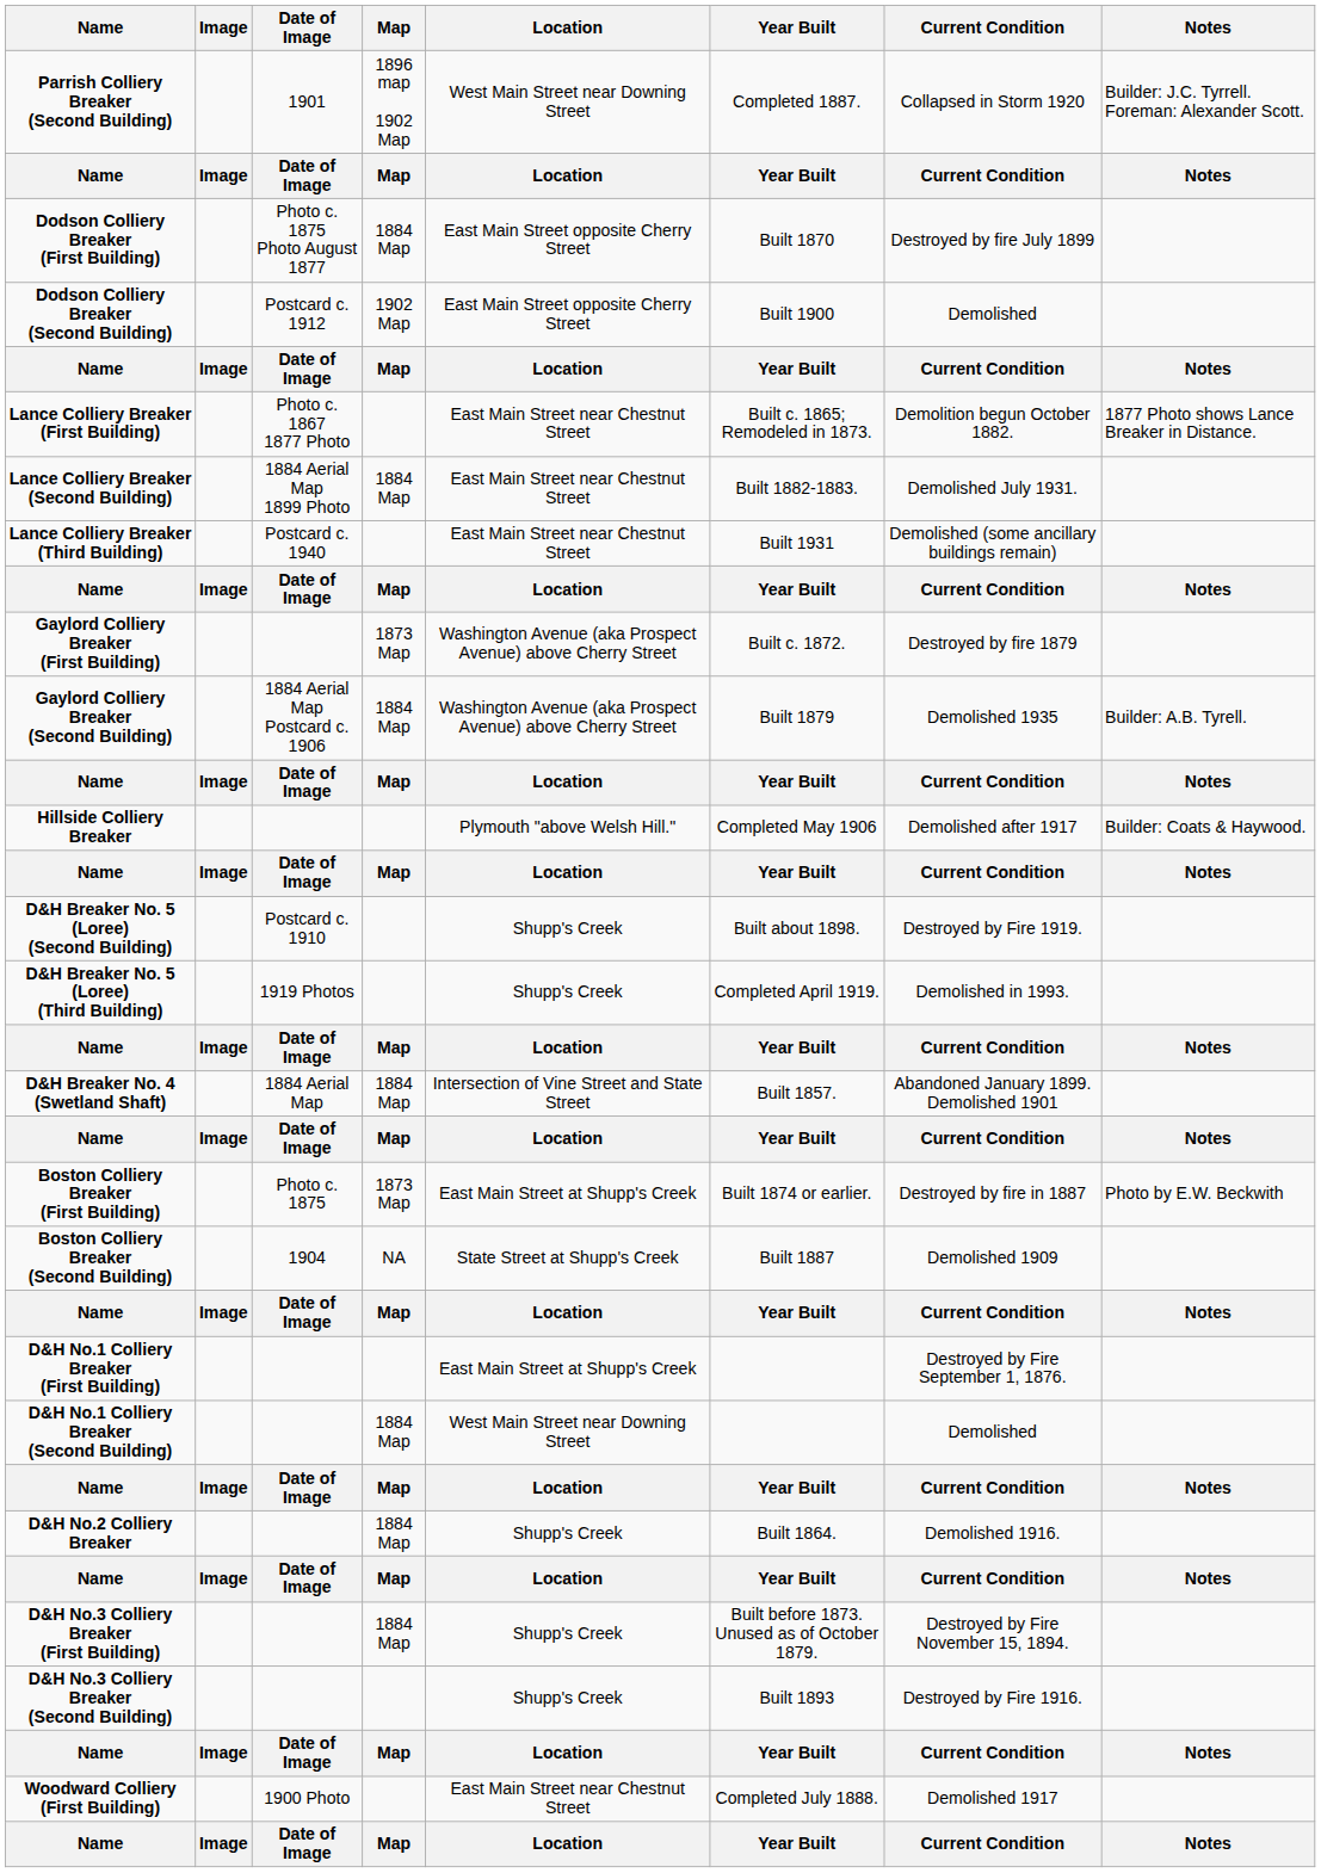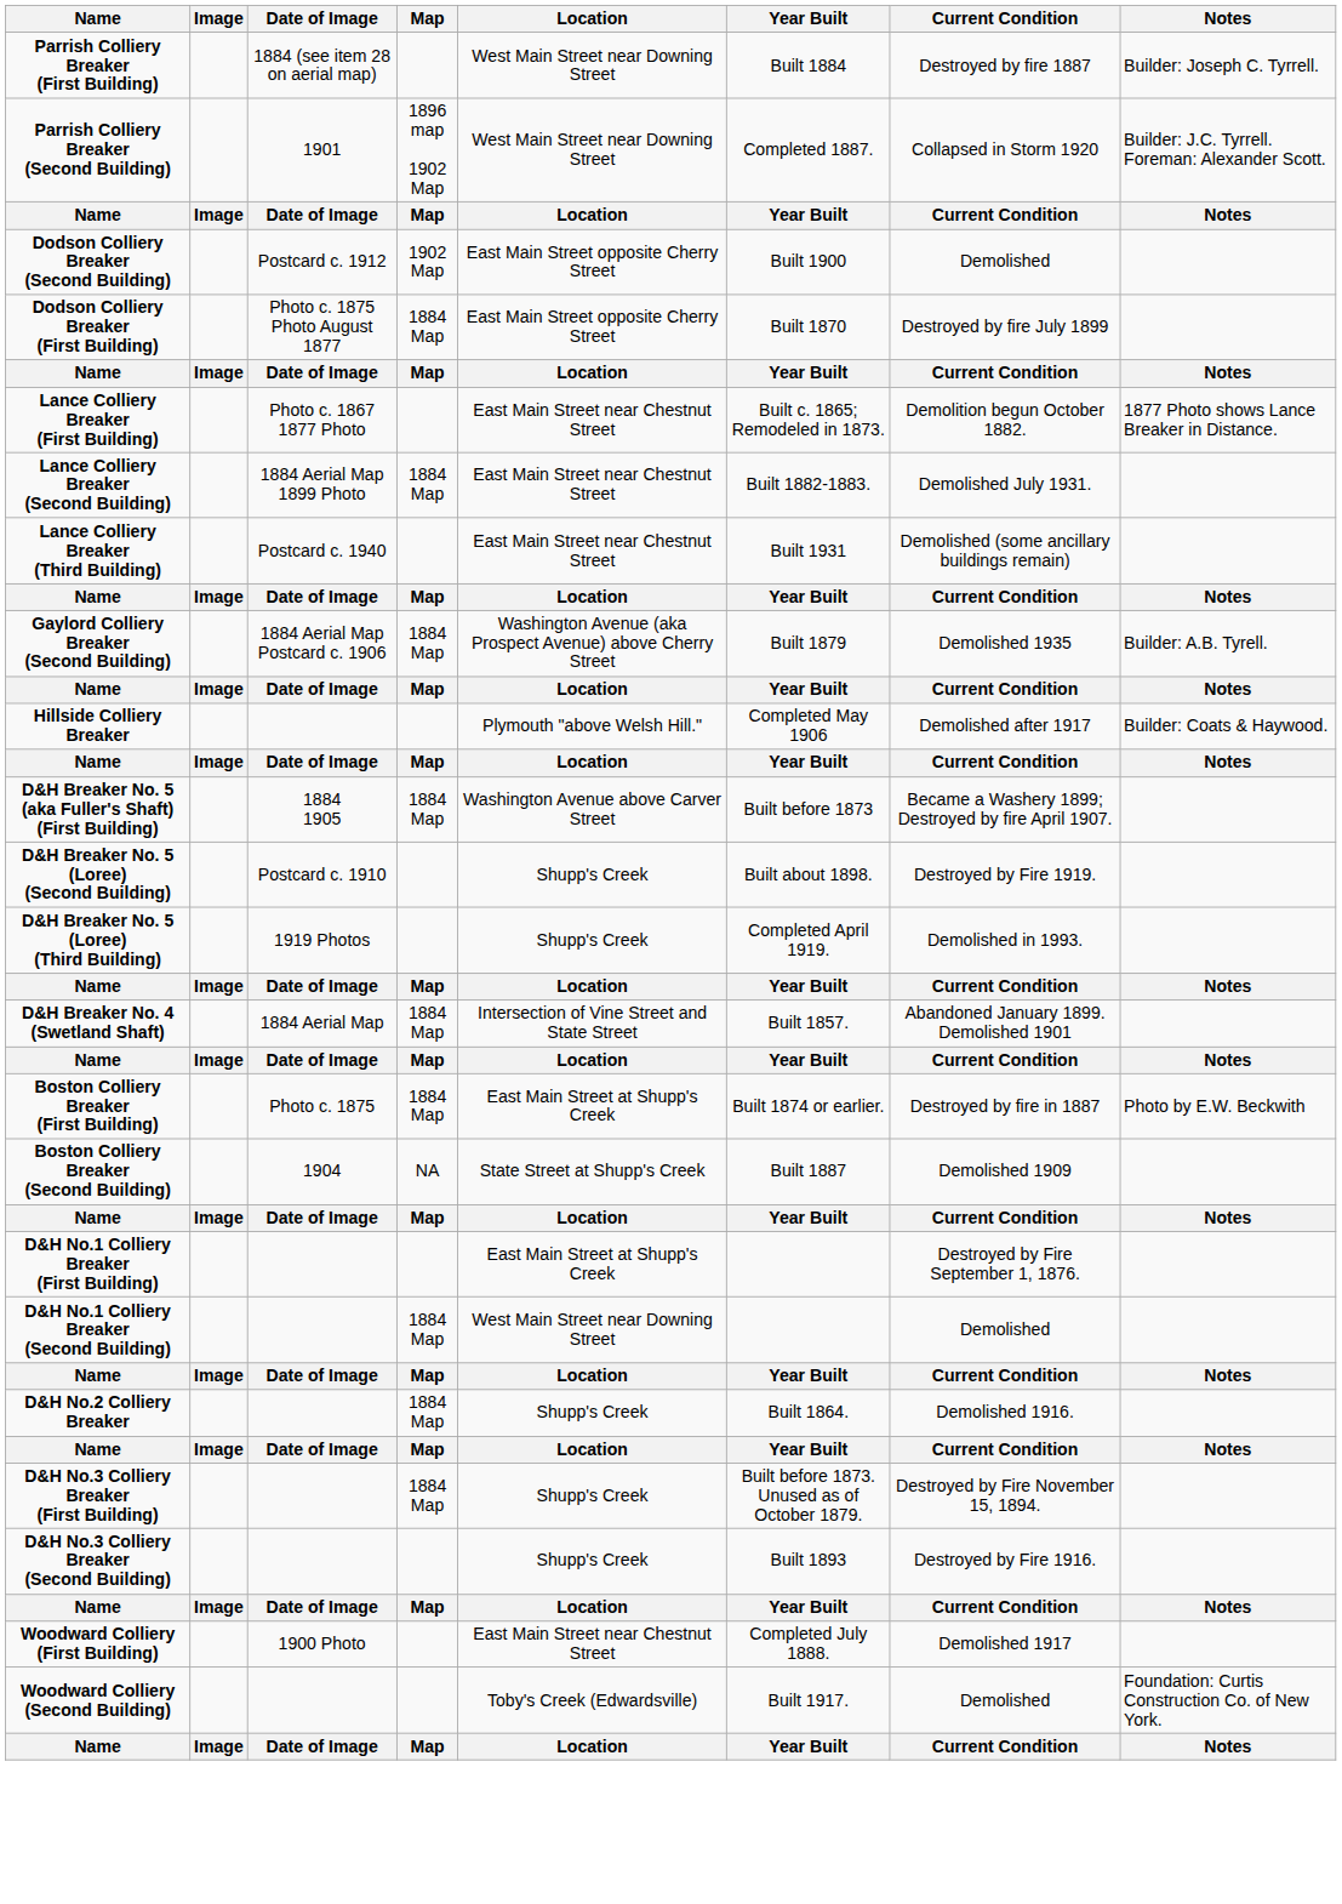 <table class="wikitable sortable">
 <tr>
 <th class="unsortable">Name</th>
 <th class="unsortable">Image</th>
 <th class="unsortable">Date of Image</th>
 <th class="unsortable">Map</th>
 <th class="unsortable">Location</th>
 <th class="unsortable">Year Built</th>
 <th class="unsortable">Current Condition</th>
 <th class="unsortable">Notes</th>
+</tr>
+<tr>
+<td align=center><strong>Parrish Colliery Breaker</strong><br><strong>(First Building)</strong></td>
+<td></td>
+<td align=center>1884 (see item 28 on aerial map)</td>
+<td align=center></td>
+<td align=center>West Main Street near Downing Street</td>
+<td align=center>Built 1884</td>
+<td align=center>Destroyed by fire 1887</td>
+<td align=left>Builder: Joseph C. Tyrrell.</td>
 </tr>
 <tr>
 <td align=center><strong>Parrish Colliery Breaker</strong><br><strong>(Second Building)</strong></td>
 <td></td>
 <td align=center>1901</td>
 <td align=center>1896 map<br><br>1902 Map </td>
 <td align=center>West Main Street near Downing Street</td>
 <td align=center>Completed 1887.</td>
 <td align=center>Collapsed in Storm 1920</td>
 <td align=left>Builder: J.C. Tyrrell.<br>Foreman: Alexander Scott.</td>
 </tr>
 <tr>
 <th class="unsortable">Name</th>
 <th class="unsortable">Image</th>
 <th class="unsortable">Date of Image</th>
 <th class="unsortable">Map</th>
 <th class="unsortable">Location</th>
 <th class="unsortable">Year Built</th>
 <th class="unsortable">Current Condition</th>
 <th class="unsortable">Notes</th>
 </tr>
 <tr>
+<td align=center><strong>Dodson Colliery Breaker</strong><br><strong>(Second Building)</strong></td>
+<td></td>
+<td align=center>Postcard c. 1912</td>
+<td align=center>1902 Map<br></td>
+<td align=center>East Main Street opposite Cherry Street</td>
+<td align=center>Built 1900</td>
+<td align=center>Demolished</td>
+<td align=left></td>
+</tr>
+<tr>
 <td align=center><strong>Dodson Colliery Breaker</strong><br><strong>(First Building)</strong></td>
 <td><br></td>
 <td align=center>Photo c. 1875<br>Photo August 1877</td>
 <td align=center>1884 Map<br></td>
 <td align=center>East Main Street opposite Cherry Street</td>
 <td align=center>Built 1870</td>
 <td align=center>Destroyed by fire July 1899</td>
-<td align=left></td>
-</tr>
-<tr>
-<td align=center><strong>Dodson Colliery Breaker</strong><br><strong>(Second Building)</strong></td>
-<td></td>
-<td align=center>Postcard c. 1912</td>
-<td align=center>1902 Map<br></td>
-<td align=center>East Main Street opposite Cherry Street</td>
-<td align=center>Built 1900</td>
-<td align=center>Demolished</td>
 <td align=left></td>
 </tr>
 <tr>
 <th class="unsortable">Name</th>
 <th class="unsortable">Image</th>
 <th class="unsortable">Date of Image</th>
 <th class="unsortable">Map</th>
 <th class="unsortable">Location</th>
 <th class="unsortable">Year Built</th>
 <th class="unsortable">Current Condition</th>
 <th class="unsortable">Notes</th>
 </tr>
 <tr>
 <td align=center><strong>Lance Colliery Breaker</strong><br><strong>(First Building)</strong></td>
 <td><br></td>
 <td align=center>Photo c. 1867<br>1877 Photo</td>
 <td align=center></td>
 <td align=center>East Main Street near Chestnut Street</td>
 <td align=center>Built c. 1865; Remodeled in 1873.</td>
 <td align=center>Demolition begun October 1882.</td>
 <td align=left>1877 Photo shows Lance Breaker in Distance.</td>
 </tr>
 <tr>
 <td align=center><strong>Lance Colliery Breaker</strong><br><strong>(Second Building)</strong></td>
 <td><br></td>
 <td align=center>1884 Aerial Map<br>1899 Photo</td>
 <td align=center>1884 Map<br></td>
 <td align=center>East Main Street near Chestnut Street</td>
 <td align=center>Built 1882-1883.</td>
 <td align=center>Demolished July 1931.</td>
 <td align=left></td>
 </tr>
 <tr>
 <td align=center><strong>Lance Colliery Breaker</strong><br><strong>(Third Building)</strong></td>
 <td></td>
 <td align=center>Postcard c. 1940</td>
 <td align=center></td>
 <td align=center>East Main Street near Chestnut Street</td>
 <td align=center>Built 1931</td>
 <td align=center>Demolished (some ancillary buildings remain)</td>
 <td align=left></td>
 </tr>
 <tr>
 <th class="unsortable">Name</th>
 <th class="unsortable">Image</th>
 <th class="unsortable">Date of Image</th>
 <th class="unsortable">Map</th>
 <th class="unsortable">Location</th>
 <th class="unsortable">Year Built</th>
 <th class="unsortable">Current Condition</th>
 <th class="unsortable">Notes</th>
 </tr>
 <tr>
-<td align=center><strong>Gaylord Colliery Breaker</strong><br><strong>(First Building)</strong></td>
-<td></td>
-<td align=center></td>
-<td align=center>1873 Map<br></td>
-<td align=center>Washington Avenue (aka Prospect Avenue) above Cherry Street</td>
-<td align=center>Built c. 1872.</td>
-<td align=center>Destroyed by fire 1879</td>
-<td align=left></td>
-</tr>
-<tr>
 <td align=center><strong>Gaylord Colliery Breaker</strong><br><strong>(Second Building)</strong></td>
 <td><br></td>
 <td align=center>1884 Aerial Map<br>Postcard c. 1906</td>
 <td align=center>1884 Map<br></td>
 <td align=center>Washington Avenue (aka Prospect Avenue) above Cherry Street</td>
 <td align=center>Built 1879</td>
 <td align=center>Demolished 1935</td>
 <td align=left>Builder: A.B. Tyrell.</td>
 </tr>
 <tr>
 <th class="unsortable">Name</th>
 <th class="unsortable">Image</th>
 <th class="unsortable">Date of Image</th>
 <th class="unsortable">Map</th>
 <th class="unsortable">Location</th>
 <th class="unsortable">Year Built</th>
 <th class="unsortable">Current Condition</th>
 <th class="unsortable">Notes</th>
 </tr>
 <tr>
 <td align=center><strong>Hillside Colliery Breaker</strong></td>
 <td></td>
 <td align=center></td>
 <td align=center></td>
 <td align=center>Plymouth "above Welsh Hill."</td>
 <td align=center>Completed May 1906</td>
 <td align=center>Demolished after 1917</td>
 <td align=left>Builder: Coats & Haywood.</td>
 </tr>
 <tr>
 <th class="unsortable">Name</th>
 <th class="unsortable">Image</th>
 <th class="unsortable">Date of Image</th>
 <th class="unsortable">Map</th>
 <th class="unsortable">Location</th>
 <th class="unsortable">Year Built</th>
 <th class="unsortable">Current Condition</th>
 <th class="unsortable">Notes</th>
+</tr>
+<tr>
+<td align=center><strong>D&H Breaker No. 5 (aka Fuller's Shaft)</strong><br><strong>(First Building)</strong></td>
+<td><br></td>
+<td align=center>1884<br>1905</td>
+<td align=center>1884 Map<br></td>
+<td align=center>Washington Avenue above Carver Street</td>
+<td align=center>Built before 1873</td>
+<td align=center>Became a Washery 1899; Destroyed by fire April 1907.</td>
+<td align=left></td>
 </tr>
 <tr>
 <td align=center><strong>D&H Breaker No. 5 (Loree)</strong><br><strong>(Second Building)</strong></td>
 <td></td>
 <td align=center>Postcard c. 1910</td>
 <td align=center></td>
 <td align=center>Shupp's Creek</td>
 <td align=center>Built about 1898.</td>
 <td align=center>Destroyed by Fire 1919.</td>
 <td align=left></td>
 </tr>
 <tr>
 <td align=center><strong>D&H Breaker No. 5 (Loree)</strong><br><strong>(Third Building)</strong></td>
 <td><br></td>
 <td align=center>1919 Photos</td>
 <td align=center></td>
 <td align=center>Shupp's Creek</td>
 <td align=center>Completed April 1919.</td>
 <td align=center>Demolished in 1993.</td>
 <td align=left></td>
 </tr>
 <tr>
 <th class="unsortable">Name</th>
 <th class="unsortable">Image</th>
 <th class="unsortable">Date of Image</th>
 <th class="unsortable">Map</th>
 <th class="unsortable">Location</th>
 <th class="unsortable">Year Built</th>
 <th class="unsortable">Current Condition</th>
 <th class="unsortable">Notes</th>
 </tr>
 <tr>
 <td align=center><strong>D&H Breaker No. 4 (Swetland Shaft)</strong></td>
 <td></td>
 <td align=center>1884 Aerial Map</td>
 <td align=center>1884 Map<br></td>
 <td align=center>Intersection of Vine Street and State Street</td>
 <td align=center>Built 1857.</td>
 <td align=center>Abandoned January 1899. Demolished 1901</td>
 <td align=left></td>
 </tr>
 <tr>
 <th class="unsortable">Name</th>
 <th class="unsortable">Image</th>
 <th class="unsortable">Date of Image</th>
 <th class="unsortable">Map</th>
 <th class="unsortable">Location</th>
 <th class="unsortable">Year Built</th>
 <th class="unsortable">Current Condition</th>
 <th class="unsortable">Notes</th>
 </tr>
 <tr>
 <td align=center><strong>Boston Colliery Breaker</strong><br><strong>(First Building)</strong></td>
 <td></td>
 <td align=center>Photo c. 1875</td>
-<td align=center>1873 Map<br></td>
+<td align=center>1884 Map<br></td>
 <td align=center>East Main Street at Shupp's Creek</td>
 <td align=center>Built 1874 or earlier.</td>
 <td align=center>Destroyed by fire in 1887</td>
 <td align=left>Photo by E.W. Beckwith</td>
 </tr>
 <tr>
 <td align=center><strong>Boston Colliery Breaker</strong><br><strong>(Second Building)</strong></td>
 <td></td>
 <td align=center>1904</td>
 <td align=center>NA</td>
 <td align=center>State Street at Shupp's Creek</td>
 <td align=center>Built 1887</td>
 <td align=center>Demolished 1909</td>
 <td align=left></td>
 </tr>
 <tr>
 <th class="unsortable">Name</th>
 <th class="unsortable">Image</th>
 <th class="unsortable">Date of Image</th>
 <th class="unsortable">Map</th>
 <th class="unsortable">Location</th>
 <th class="unsortable">Year Built</th>
 <th class="unsortable">Current Condition</th>
 <th class="unsortable">Notes</th>
 </tr>
 <tr>
 <td align=center><strong>D&H No.1 Colliery Breaker</strong><br><strong>(First Building)</strong></td>
 <td></td>
 <td align=center></td>
 <td align=center></td>
 <td align=center>East Main Street at Shupp's Creek</td>
 <td align=center></td>
 <td align=center>Destroyed by Fire September 1, 1876.</td>
 <td align=left></td>
 </tr>
 <tr>
 <td align=center><strong>D&H No.1 Colliery Breaker</strong><br><strong>(Second Building)</strong></td>
 <td></td>
 <td align=center></td>
 <td align=center>1884 Map<br></td>
 <td align=center>West Main Street near Downing Street</td>
 <td align=center></td>
 <td align=center>Demolished</td>
 <td align=left></td>
 </tr>
 <tr>
 <th class="unsortable">Name</th>
 <th class="unsortable">Image</th>
 <th class="unsortable">Date of Image</th>
 <th class="unsortable">Map</th>
 <th class="unsortable">Location</th>
 <th class="unsortable">Year Built</th>
 <th class="unsortable">Current Condition</th>
 <th class="unsortable">Notes</th>
 </tr>
 <tr>
 <td align=center><strong>D&H No.2 Colliery Breaker</strong></td>
 <td></td>
 <td align=center></td>
 <td align=center>1884 Map<br></td>
 <td align=center>Shupp's Creek</td>
 <td align=center>Built 1864.</td>
 <td align=center>Demolished 1916.</td>
 <td align=left></td>
 </tr>
 <tr>
 <th class="unsortable">Name</th>
 <th class="unsortable">Image</th>
 <th class="unsortable">Date of Image</th>
 <th class="unsortable">Map</th>
 <th class="unsortable">Location</th>
 <th class="unsortable">Year Built</th>
 <th class="unsortable">Current Condition</th>
 <th class="unsortable">Notes</th>
 </tr>
 <tr>
 <td align=center><strong>D&H No.3 Colliery Breaker</strong><br><strong>(First Building)</strong></td>
 <td></td>
 <td align=center></td>
 <td align=center>1884 Map<br></td>
 <td align=center>Shupp's Creek</td>
 <td align=center>Built before 1873.<br>Unused as of October 1879.</td>
 <td align=center>Destroyed by Fire November 15, 1894.</td>
 <td align=left></td>
 </tr>
 <tr>
 <td align=center><strong>D&H No.3 Colliery Breaker</strong><br><strong>(Second Building)</strong></td>
 <td></td>
 <td align=center></td>
 <td align=center></td>
 <td align=center>Shupp's Creek</td>
 <td align=center>Built 1893</td>
 <td align=center>Destroyed by Fire 1916.</td>
 <td align=left></td>
 </tr>
 <tr>
 <th class="unsortable">Name</th>
 <th class="unsortable">Image</th>
 <th class="unsortable">Date of Image</th>
 <th class="unsortable">Map</th>
 <th class="unsortable">Location</th>
 <th class="unsortable">Year Built</th>
 <th class="unsortable">Current Condition</th>
 <th class="unsortable">Notes</th>
 </tr>
 <tr>
 <td align=center><strong>Woodward Colliery</strong><br><strong>(First Building)</strong></td>
 <td></td>
 <td align=center>1900 Photo</td>
 <td align=center></td>
 <td align=center>East Main Street near Chestnut Street</td>
 <td align=center>Completed July 1888.</td>
 <td align=center>Demolished 1917</td>
 <td align=left></td>
 </tr>
 <tr>
+<td align=center><strong>Woodward Colliery</strong><br><strong>(Second Building)</strong></td>
+<td></td>
+<td align=center></td>
+<td align=center></td>
+<td align=center>Toby's Creek (Edwardsville)</td>
+<td align=center>Built 1917.</td>
+<td align=center>Demolished</td>
+<td align=left>Foundation: Curtis Construction Co. of New York.</td>
+</tr>
+<tr>
 <th class="unsortable">Name</th>
 <th class="unsortable">Image</th>
 <th class="unsortable">Date of Image</th>
 <th class="unsortable">Map</th>
 <th class="unsortable">Location</th>
 <th class="unsortable">Year Built</th>
 <th class="unsortable">Current Condition</th>
 <th class="unsortable">Notes</th>
 </tr>
 </table>
